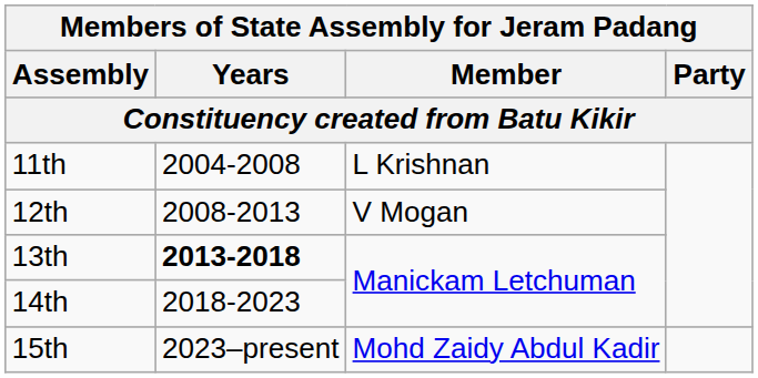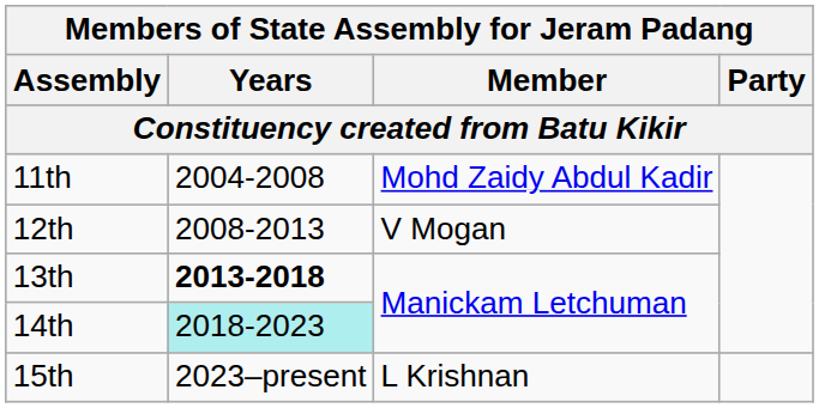 <table class=wikitable>
 <tr>
 <th colspan="4">Members of State Assembly for Jeram Padang</th>
 </tr>
 <tr>
 <th>Assembly</th>
 <th>Years</th>
 <th>Member</th>
 <th>Party</th>
 </tr>
 <tr>
 <th colspan=4 align=center><em>Constituency created from Batu Kikir</em></th>
 </tr>
 <tr>
 <td>11th</td>
 <td>2004-2008</td>
-<td>L Krishnan</td>
+<td><a href='#'>Mohd Zaidy Abdul Kadir</a></td>
 <td rowspan="4"></td>
 </tr>
 <tr>
 <td>12th</td>
 <td>2008-2013</td>
 <td>V Mogan</td>
 </tr>
 <tr>
 <td>13th</td>
 <td><strong>2013-2018</strong></td>
 <td rowspan="2"><a href='#'>Manickam Letchuman</a></td>
 </tr>
 <tr>
 <td>14th</td>
-<td>2018-2023</td>
+<td style="background: paleturquoise;">2018-2023</td>
 </tr>
 <tr>
 <td>15th</td>
 <td>2023–present</td>
-<td><a href='#'>Mohd Zaidy Abdul Kadir</a></td>
+<td>L Krishnan</td>
 <td></td>
 </tr>
 </table>
